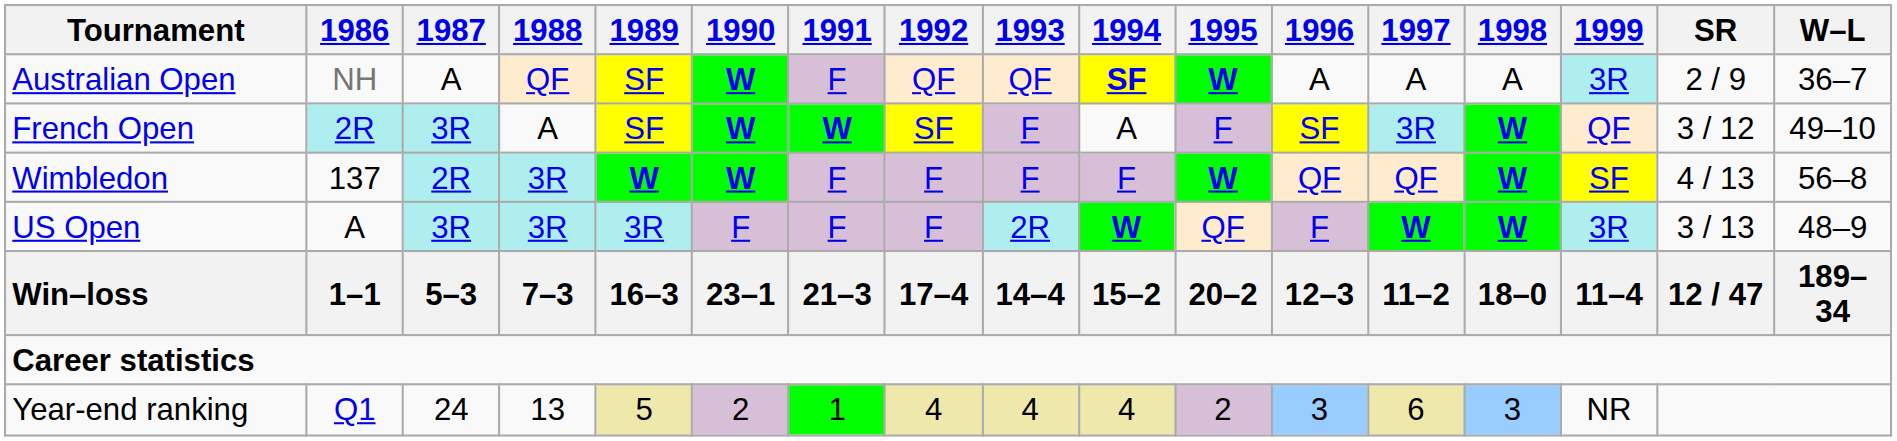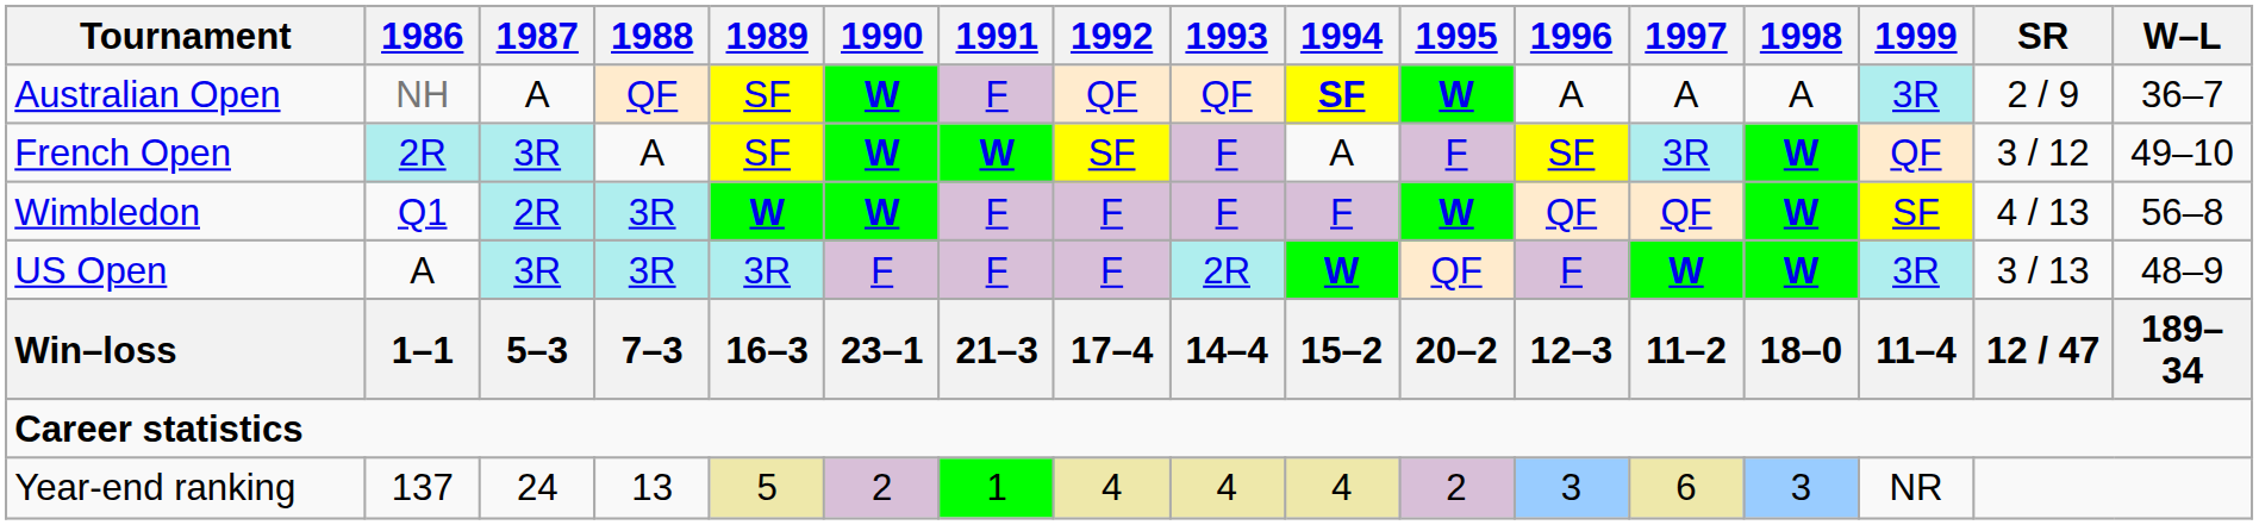 <table class=wikitable style=text-align:center;font-size:95%>
 <tr>
 <th width=140>Tournament</th>
 <th width=40><a href='#'>1986</a></th>
 <th width=40><a href='#'>1987</a></th>
 <th width=40><a href='#'>1988</a></th>
 <th width=40><a href='#'>1989</a></th>
 <th width=40><a href='#'>1990</a></th>
 <th width=40><a href='#'>1991</a></th>
 <th width=40><a href='#'>1992</a></th>
 <th width=40><a href='#'>1993</a></th>
 <th width=40><a href='#'>1994</a></th>
 <th width=40><a href='#'>1995</a></th>
 <th width=40><a href='#'>1996</a></th>
 <th width=40><a href='#'>1997</a></th>
 <th width=40><a href='#'>1998</a></th>
 <th width=40><a href='#'>1999</a></th>
 <th width=50>SR</th>
 <th width=50>W–L</th>
 </tr>
 <tr>
 <td align=left><a href='#'>Australian Open</a></td>
 <td style=color:#767676>NH</td>
 <td>A</td>
 <td bgcolor=ffebcd><a href='#'>QF</a></td>
 <td bgcolor=yellow><a href='#'>SF</a></td>
 <td bgcolor=lime><strong><a href='#'>W</a></strong></td>
 <td bgcolor=thistle><a href='#'>F</a></td>
 <td bgcolor=ffebcd><a href='#'>QF</a></td>
 <td bgcolor=ffebcd><a href='#'>QF</a></td>
 <td bgcolor=yellow><strong><a href='#'>SF</a></strong></td>
 <td bgcolor=lime><strong><a href='#'>W</a></strong></td>
 <td>A</td>
 <td>A</td>
 <td>A</td>
 <td bgcolor=afeeee><a href='#'>3R</a></td>
 <td>2 / 9</td>
 <td>36–7</td>
 </tr>
 <tr>
 <td align=left><a href='#'>French Open</a></td>
 <td bgcolor=afeeee><a href='#'>2R</a></td>
 <td bgcolor=afeeee><a href='#'>3R</a></td>
 <td>A</td>
 <td bgcolor=yellow><a href='#'>SF</a></td>
 <td bgcolor=lime><strong><a href='#'>W</a></strong></td>
 <td bgcolor=lime><strong><a href='#'>W</a></strong></td>
 <td bgcolor=yellow><a href='#'>SF</a></td>
 <td bgcolor=thistle><a href='#'>F</a></td>
 <td>A</td>
 <td bgcolor=thistle><a href='#'>F</a></td>
 <td bgcolor=yellow><a href='#'>SF</a></td>
 <td bgcolor=afeeee><a href='#'>3R</a></td>
 <td bgcolor=lime><strong><a href='#'>W</a></strong></td>
 <td bgcolor=ffebcd><a href='#'>QF</a></td>
 <td>3 / 12</td>
 <td>49–10</td>
 </tr>
 <tr>
 <td align=left><a href='#'>Wimbledon</a></td>
-<td>137</td>
+<td><a href='#'>Q1</a></td>
 <td bgcolor=afeeee><a href='#'>2R</a></td>
 <td bgcolor=afeeee><a href='#'>3R</a></td>
 <td bgcolor=lime><strong><a href='#'>W</a></strong></td>
 <td bgcolor=lime><strong><a href='#'>W</a></strong></td>
 <td bgcolor=thistle><a href='#'>F</a></td>
 <td bgcolor=thistle><a href='#'>F</a></td>
 <td bgcolor=thistle><a href='#'>F</a></td>
 <td bgcolor=thistle><a href='#'>F</a></td>
 <td bgcolor=lime><strong><a href='#'>W</a></strong></td>
 <td bgcolor=ffebcd><a href='#'>QF</a></td>
 <td bgcolor=ffebcd><a href='#'>QF</a></td>
 <td bgcolor=lime><strong><a href='#'>W</a></strong></td>
 <td bgcolor=yellow><a href='#'>SF</a></td>
 <td>4 / 13</td>
 <td>56–8</td>
 </tr>
 <tr>
 <td align=left><a href='#'>US Open</a></td>
 <td>A</td>
 <td bgcolor=afeeee><a href='#'>3R</a></td>
 <td bgcolor=afeeee><a href='#'>3R</a></td>
 <td bgcolor=afeeee><a href='#'>3R</a></td>
 <td bgcolor=thistle><a href='#'>F</a></td>
 <td bgcolor=thistle><a href='#'>F</a></td>
 <td bgcolor=thistle><a href='#'>F</a></td>
 <td bgcolor=afeeee><a href='#'>2R</a></td>
 <td bgcolor=lime><strong><a href='#'>W</a></strong></td>
 <td bgcolor=ffebcd><a href='#'>QF</a></td>
 <td bgcolor=thistle><a href='#'>F</a></td>
 <td bgcolor=lime><strong><a href='#'>W</a></strong></td>
 <td bgcolor=lime><strong><a href='#'>W</a></strong></td>
 <td bgcolor=afeeee><a href='#'>3R</a></td>
 <td>3 / 13</td>
 <td>48–9</td>
 </tr>
 <tr>
 <th style="text-align:left;">Win–loss</th>
 <th>1–1</th>
 <th>5–3</th>
 <th>7–3</th>
 <th>16–3</th>
 <th>23–1</th>
 <th>21–3</th>
 <th>17–4</th>
 <th>14–4</th>
 <th>15–2</th>
 <th>20–2</th>
 <th>12–3</th>
 <th>11–2</th>
 <th>18–0</th>
 <th>11–4</th>
 <th>12 / 47</th>
 <th>189–34</th>
 </tr>
 <tr>
 <td colspan=30 align=left><strong>Career statistics</strong></td>
 </tr>
 <tr>
 <td align=left>Year-end ranking</td>
-<td><a href='#'>Q1</a></td>
+<td>137</td>
 <td>24</td>
 <td>13</td>
 <td bgcolor=EEE8AA>5</td>
 <td bgcolor=D8BFD8>2</td>
 <td bgcolor=00ff00>1</td>
 <td bgcolor=EEE8AA>4</td>
 <td bgcolor=EEE8AA>4</td>
 <td bgcolor=EEE8AA>4</td>
 <td bgcolor=D8BFD8>2</td>
 <td bgcolor=99ccff>3</td>
 <td bgcolor=EEE8AA>6</td>
 <td bgcolor=99ccff>3</td>
 <td>NR</td>
 <td colspan=2></td>
 </tr>
 </table>
